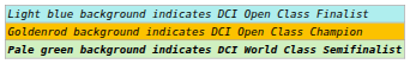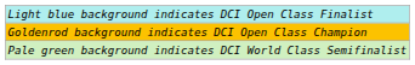 <table class="wikitable" style="font-size:100%;">
 <tr>
 <td style="background-color:#AFEEEE"><em>Light blue background indicates DCI Open Class Finalist</em></td>
 </tr>
 <tr>
 <td style="background-color:#fcc200"><em>Goldenrod background indicates DCI Open Class Champion</em></td>
 </tr>
 <tr>
-<td style="background-color:#d0f0c0"><strong><em>Pale green background indicates DCI World Class Semifinalist</em></strong></td>
+<td style="background-color:#d0f0c0"><em>Pale green background indicates DCI World Class Semifinalist</em></td>
 </tr>
 </table>
